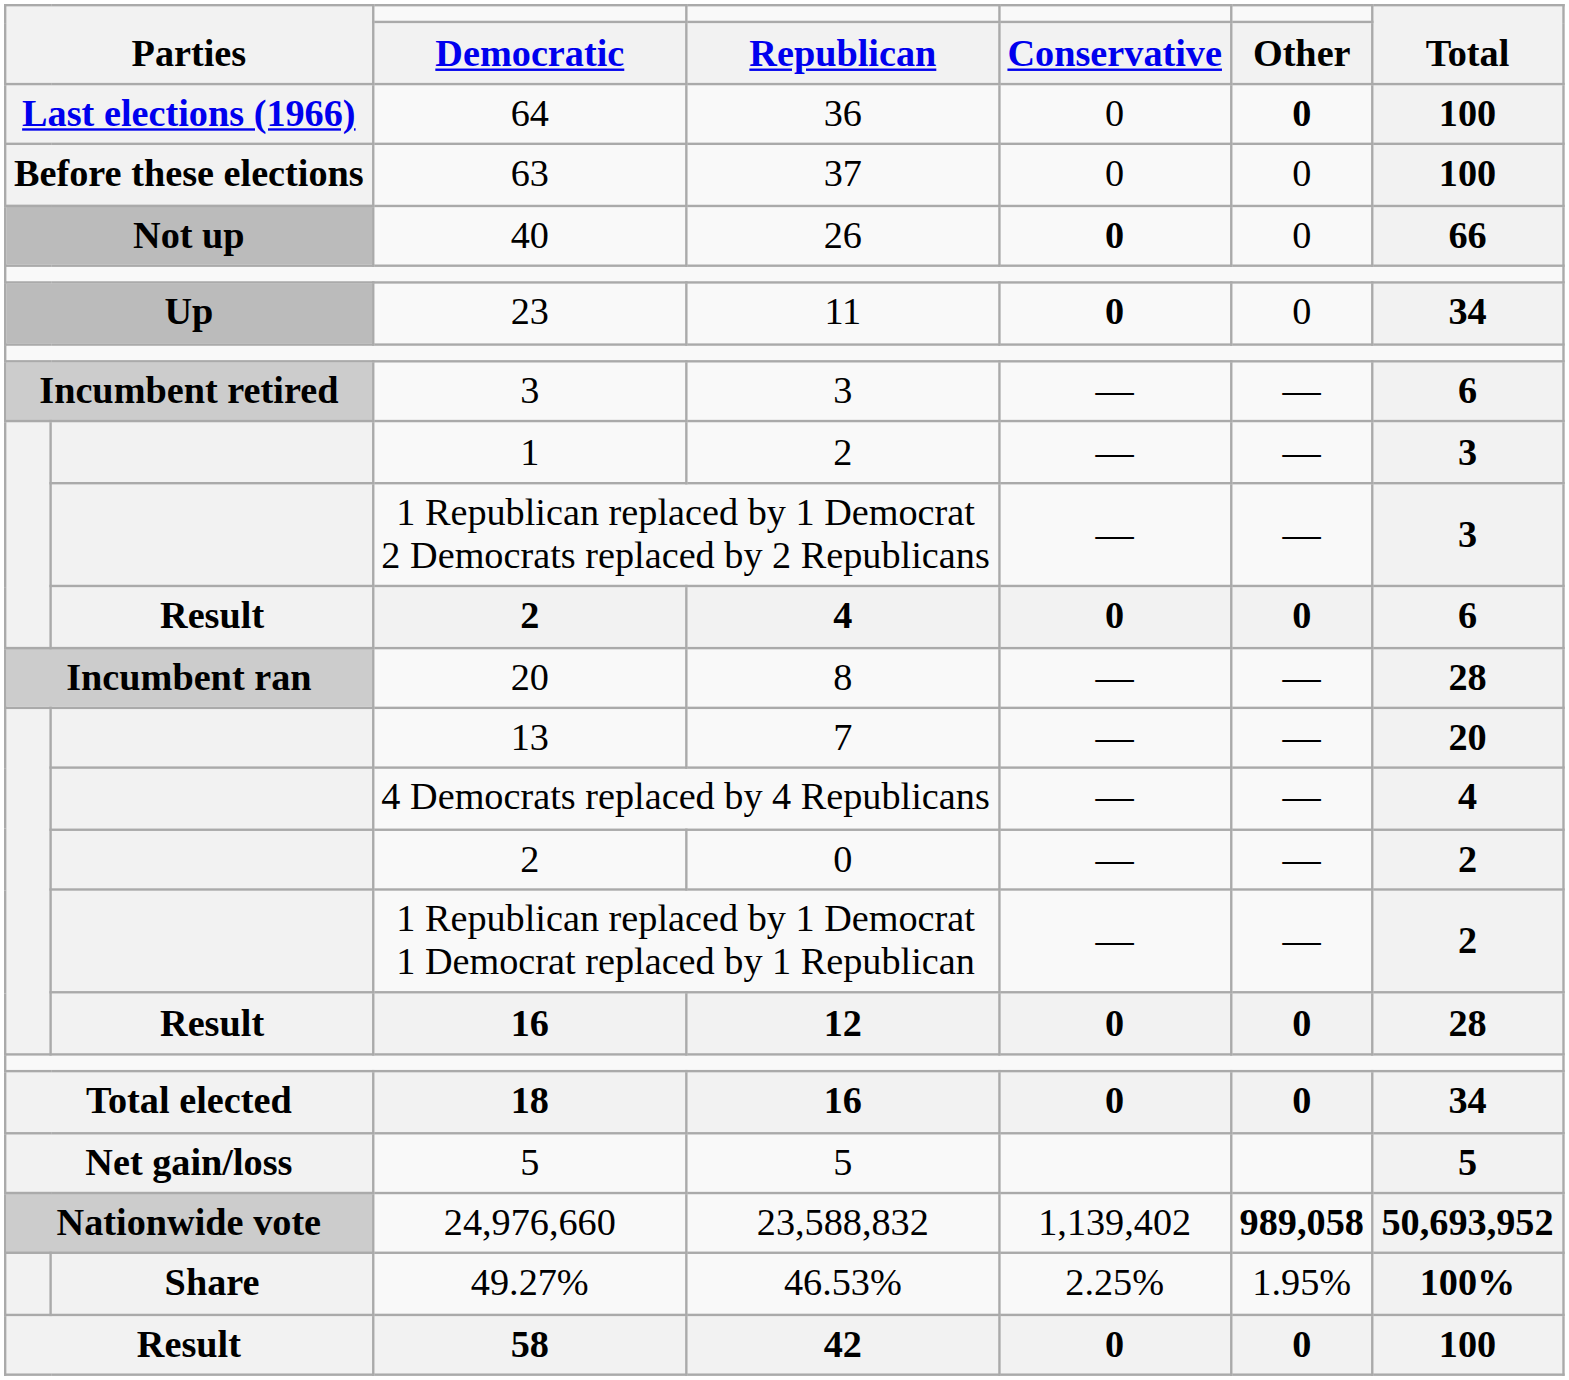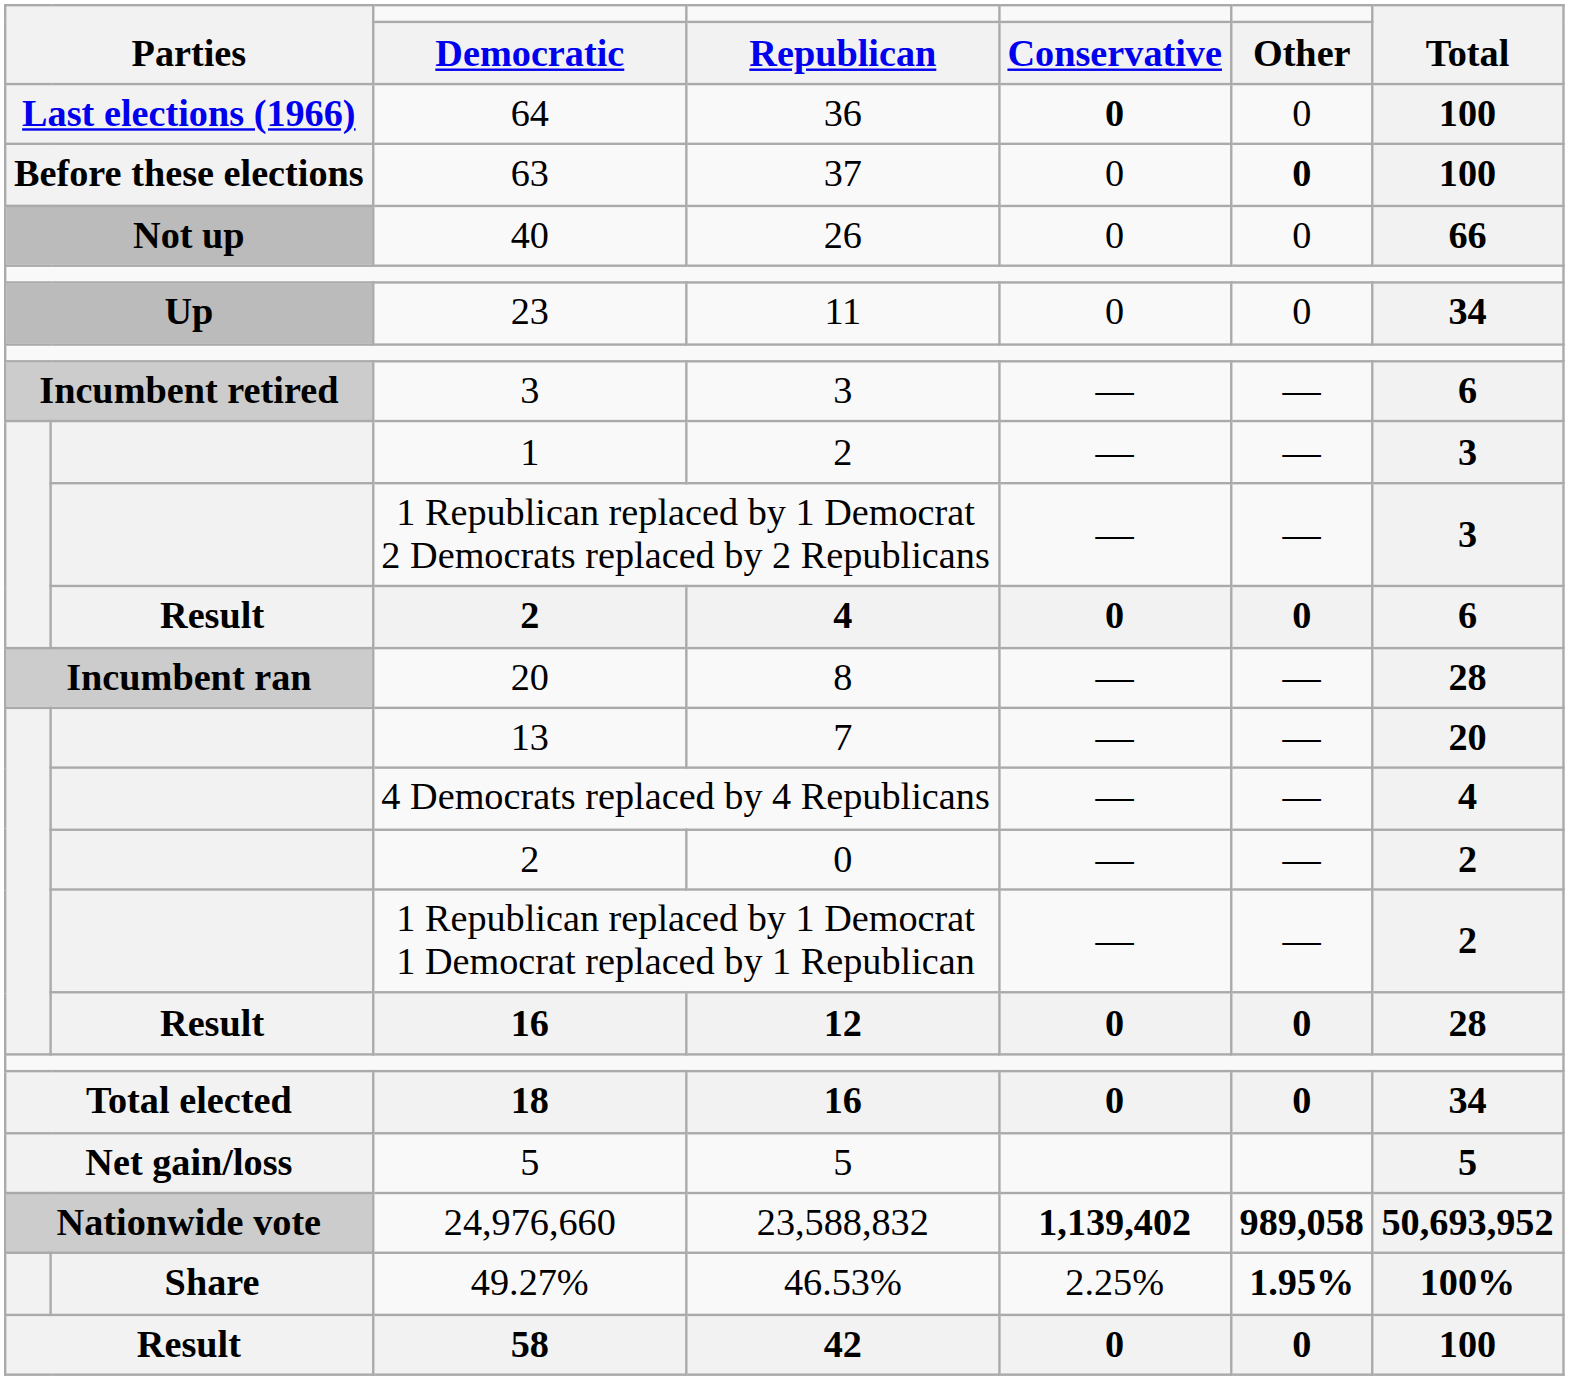 <table class=wikitable style=text-align:center>
 <tr valign=bottom>
 <th rowspan=2 colspan=2>Parties</th>
 <td style="background-color:"></td>
 <td style="background-color:"></td>
 <td style="background-color:"></td>
 <td style="background-color:"></td>
 <th rowspan=2>Total</th>
 </tr>
 <tr valign=bottom>
 <th><a href='#'>Democratic</a></th>
 <th><a href='#'>Republican</a></th>
 <th><a href='#'>Conservative</a></th>
 <th>Other</th>
 </tr>
 <tr>
 <th colspan=2><a href='#'>Last elections (1966)</a></th>
 <td>64</td>
 <td>36</td>
+<td><strong>0</strong></td>
 <td>0</td>
-<td><strong>0</strong></td>
 <th>100</th>
 </tr>
 <tr>
 <th colspan=2>Before these elections</th>
 <td>63</td>
 <td>37</td>
 <td>0</td>
-<td>0</td>
+<td><strong>0</strong></td>
 <th>100</th>
 </tr>
 <tr>
 <th colspan=2 style="background:#bbb">Not up</th>
 <td>40</td>
 <td>26</td>
-<td><strong>0</strong></td>
+<td>0</td>
 <td>0</td>
 <th>66</th>
 </tr>
 <tr>
 <td colspan=100></td>
 </tr>
 <tr>
 <th colspan=2 style="background:#bbb">Up<br></th>
 <td>23</td>
 <td>11</td>
-<td><strong>0</strong></td>
+<td>0</td>
 <td>0</td>
 <th>34</th>
 </tr>
 <tr>
 <td colspan=100></td>
 </tr>
 <tr>
 <th colspan=2 style="background:#ccc">Incumbent retired</th>
 <td>3</td>
 <td>3</td>
 <td>—</td>
 <td>—</td>
 <th>6</th>
 </tr>
 <tr>
 <th rowspan=3></th>
 <th></th>
 <td>1</td>
 <td>2</td>
 <td>—</td>
 <td>—</td>
 <th>3</th>
 </tr>
 <tr>
 <th></th>
 <td colspan=2 >1 Republican replaced by 1 Democrat<br>2 Democrats replaced by 2 Republicans</td>
 <td>—</td>
 <td>—</td>
 <th>3</th>
 </tr>
 <tr>
 <th>Result</th>
 <th>2</th>
 <th>4</th>
 <th>0</th>
 <th>0</th>
 <th>6</th>
 </tr>
 <tr>
 <th colspan=2 style="background:#ccc">Incumbent ran</th>
 <td>20</td>
 <td>8</td>
 <td>—</td>
 <td>—</td>
 <th>28</th>
 </tr>
 <tr>
 <th rowspan=5></th>
 <th></th>
 <td>13</td>
 <td>7</td>
 <td>—</td>
 <td>—</td>
 <th>20</th>
 </tr>
 <tr>
 <th></th>
 <td colspan=2 >4 Democrats replaced by 4 Republicans</td>
 <td>—</td>
 <td>—</td>
 <th>4</th>
 </tr>
 <tr>
 <th></th>
 <td>2</td>
 <td>0</td>
 <td>—</td>
 <td>—</td>
 <th>2</th>
 </tr>
 <tr>
 <th></th>
 <td colspan=2>1 Republican replaced by 1 Democrat<br>1 Democrat replaced by 1 Republican </td>
 <td>—</td>
 <td>—</td>
 <th>2</th>
 </tr>
 <tr>
 <th>Result</th>
 <th>16</th>
 <th>12</th>
 <th>0</th>
 <th>0</th>
 <th>28</th>
 </tr>
 <tr>
 <td colspan=100></td>
 </tr>
 <tr>
 <th colspan=2>Total elected</th>
 <th>18</th>
 <th>16</th>
 <th>0</th>
 <th>0</th>
 <th>34</th>
 </tr>
 <tr>
 <th colspan=2>Net gain/loss</th>
 <td>5</td>
 <td>5</td>
 <td></td>
 <td></td>
 <th>5</th>
 </tr>
 <tr>
 <th colspan=2 style="background:#ccc">Nationwide vote</th>
 <td>24,976,660</td>
 <td>23,588,832</td>
-<td>1,139,402</td>
+<td><strong>1,139,402</strong></td>
 <td><strong>989,058</strong></td>
 <th>50,693,952</th>
 </tr>
 <tr>
 <th></th>
 <th>Share</th>
 <td>49.27%</td>
 <td>46.53%</td>
 <td>2.25%</td>
-<td>1.95%</td>
+<td><strong>1.95%</strong></td>
 <th>100%</th>
 </tr>
 <tr>
 <th colspan=2>Result</th>
 <th>58</th>
 <th>42</th>
 <th>0</th>
 <th>0</th>
 <th>100</th>
 </tr>
 </table>
